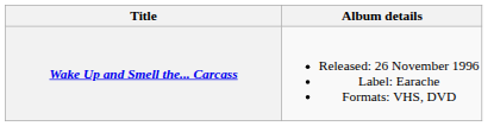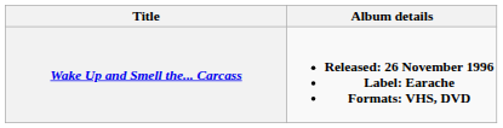 <table class="wikitable plainrowheaders" style="text-align:center;">
 <tr>
 <th scope="col" style="width:20em;">Title</th>
 <th scope="col">Album details</th>
 </tr>
 <tr>
 <th scope="row"><em><a href='#'>Wake Up and Smell the... Carcass</a></em></th>
-<td><br><ul><li>Released: 26 November 1996</li><li>Label: Earache</li><li>Formats: VHS, DVD</li></ul></td>
+<td><strong><br><ul><li>Released: 26 November 1996</li><li>Label: Earache</li><li>Formats: VHS, DVD</li></ul></strong></td>
 </tr>
 </table>
